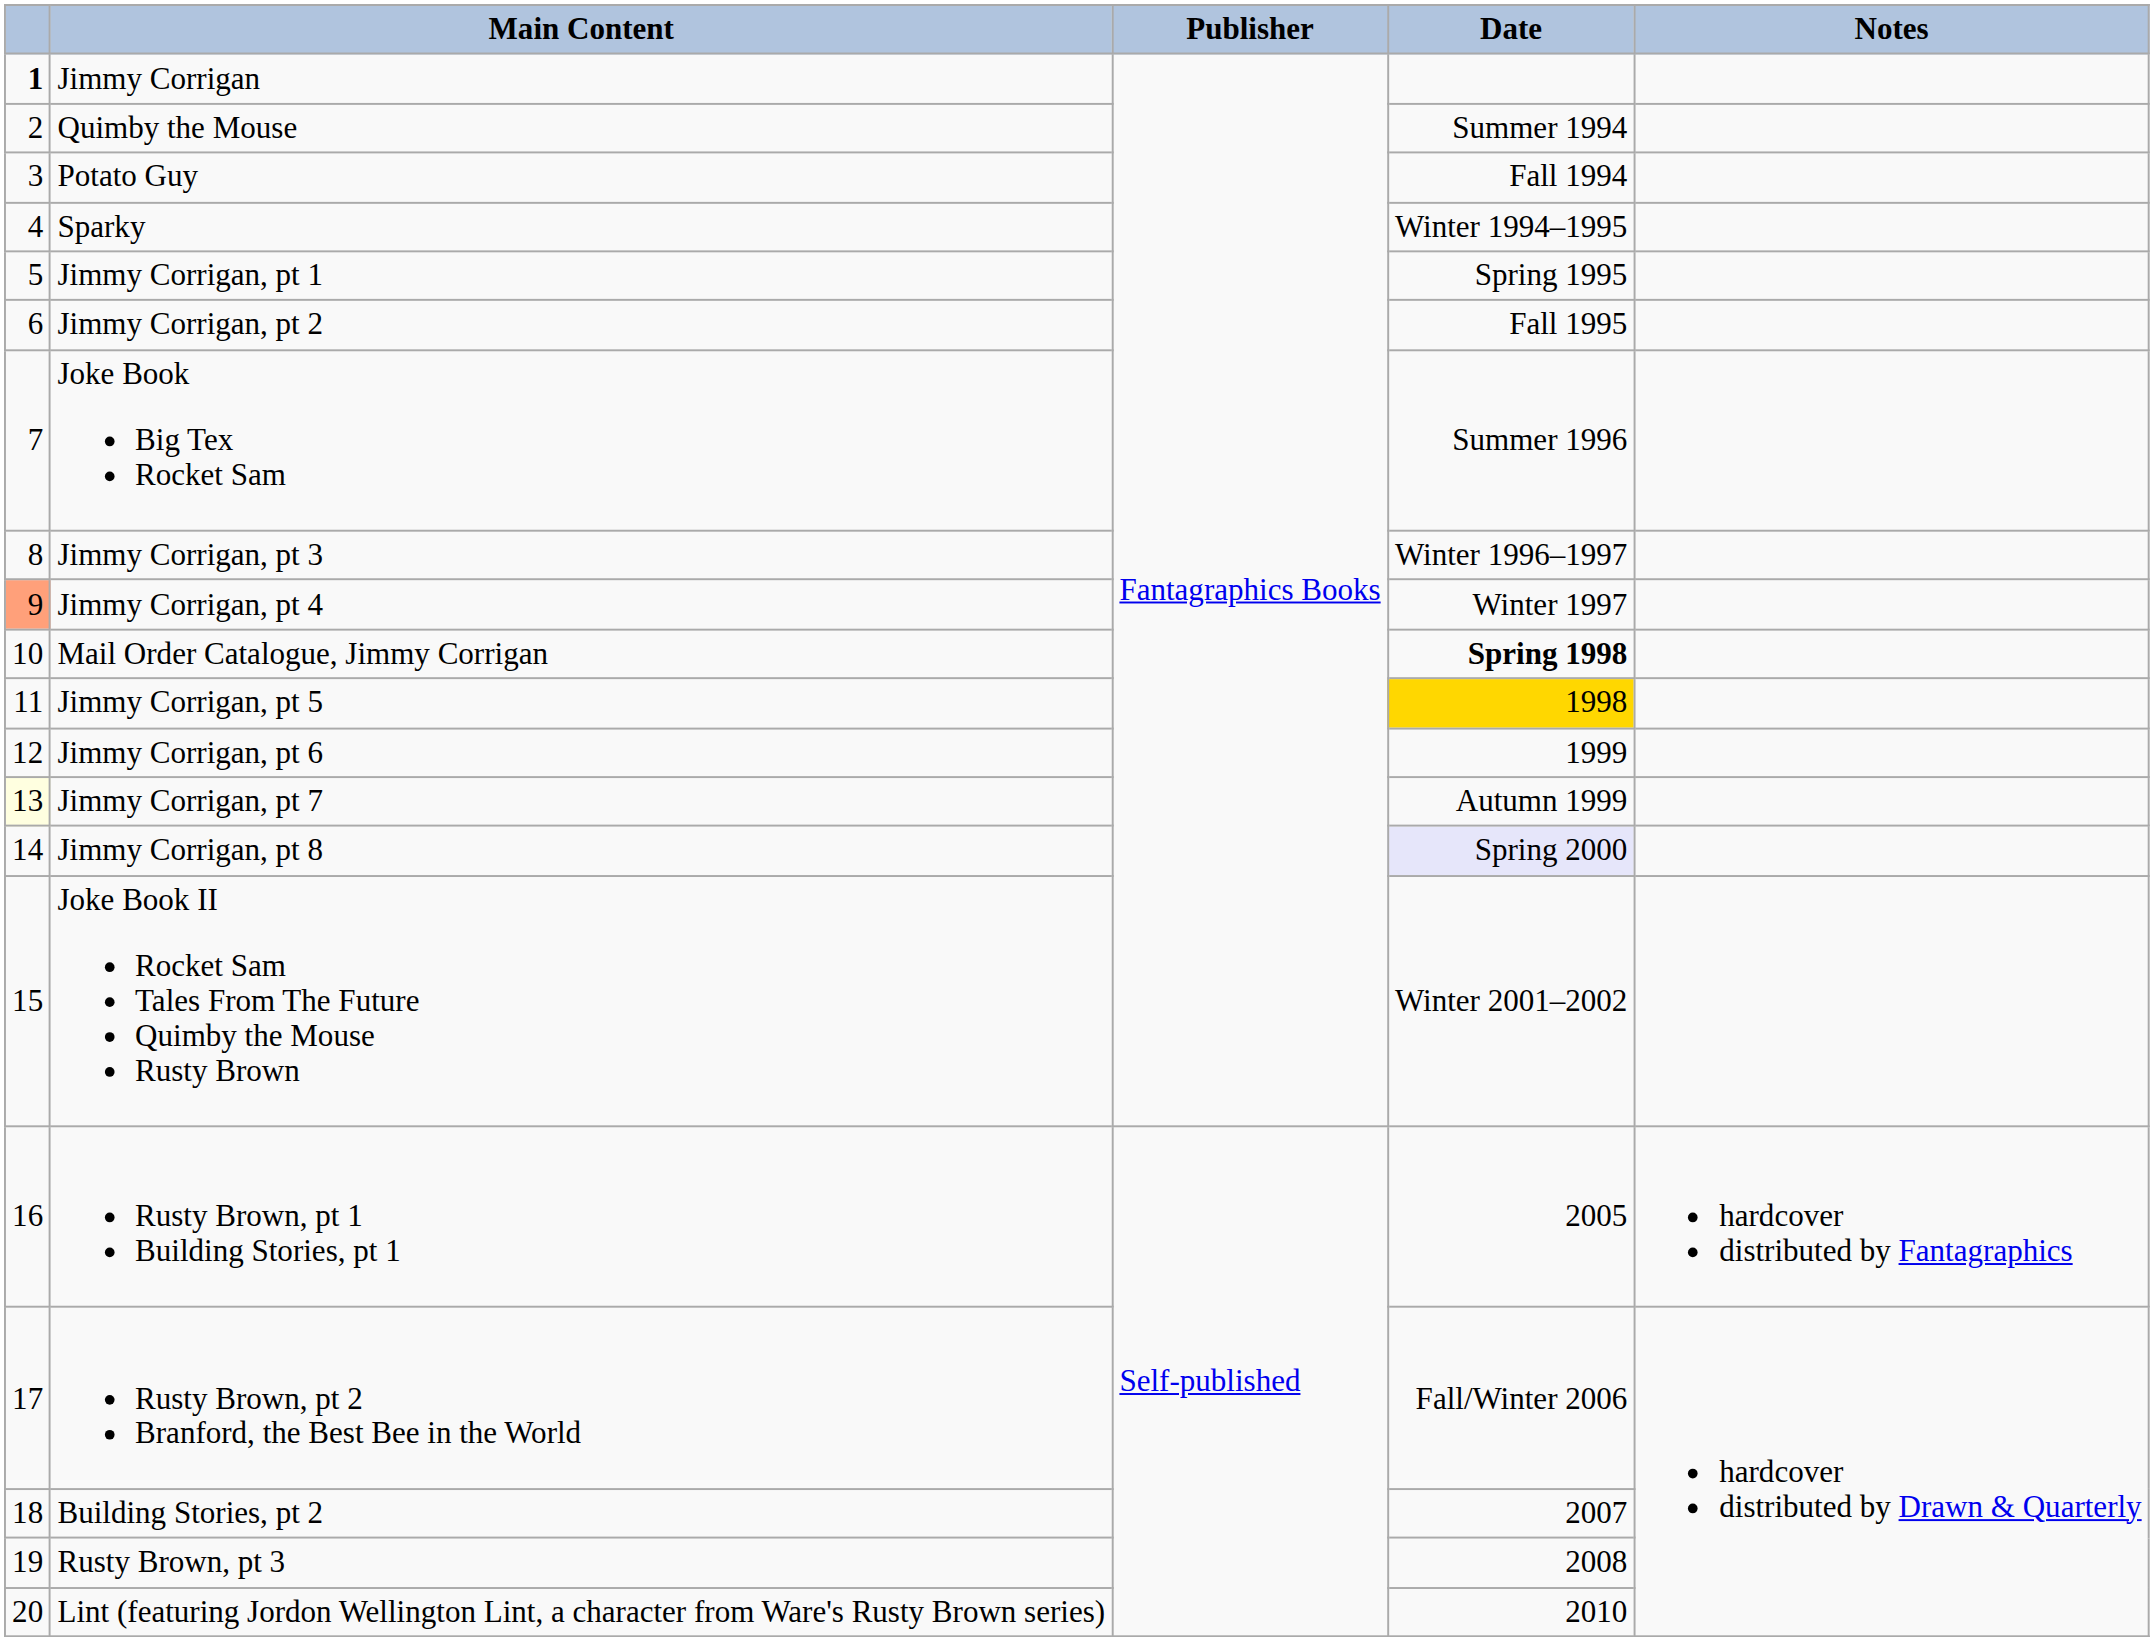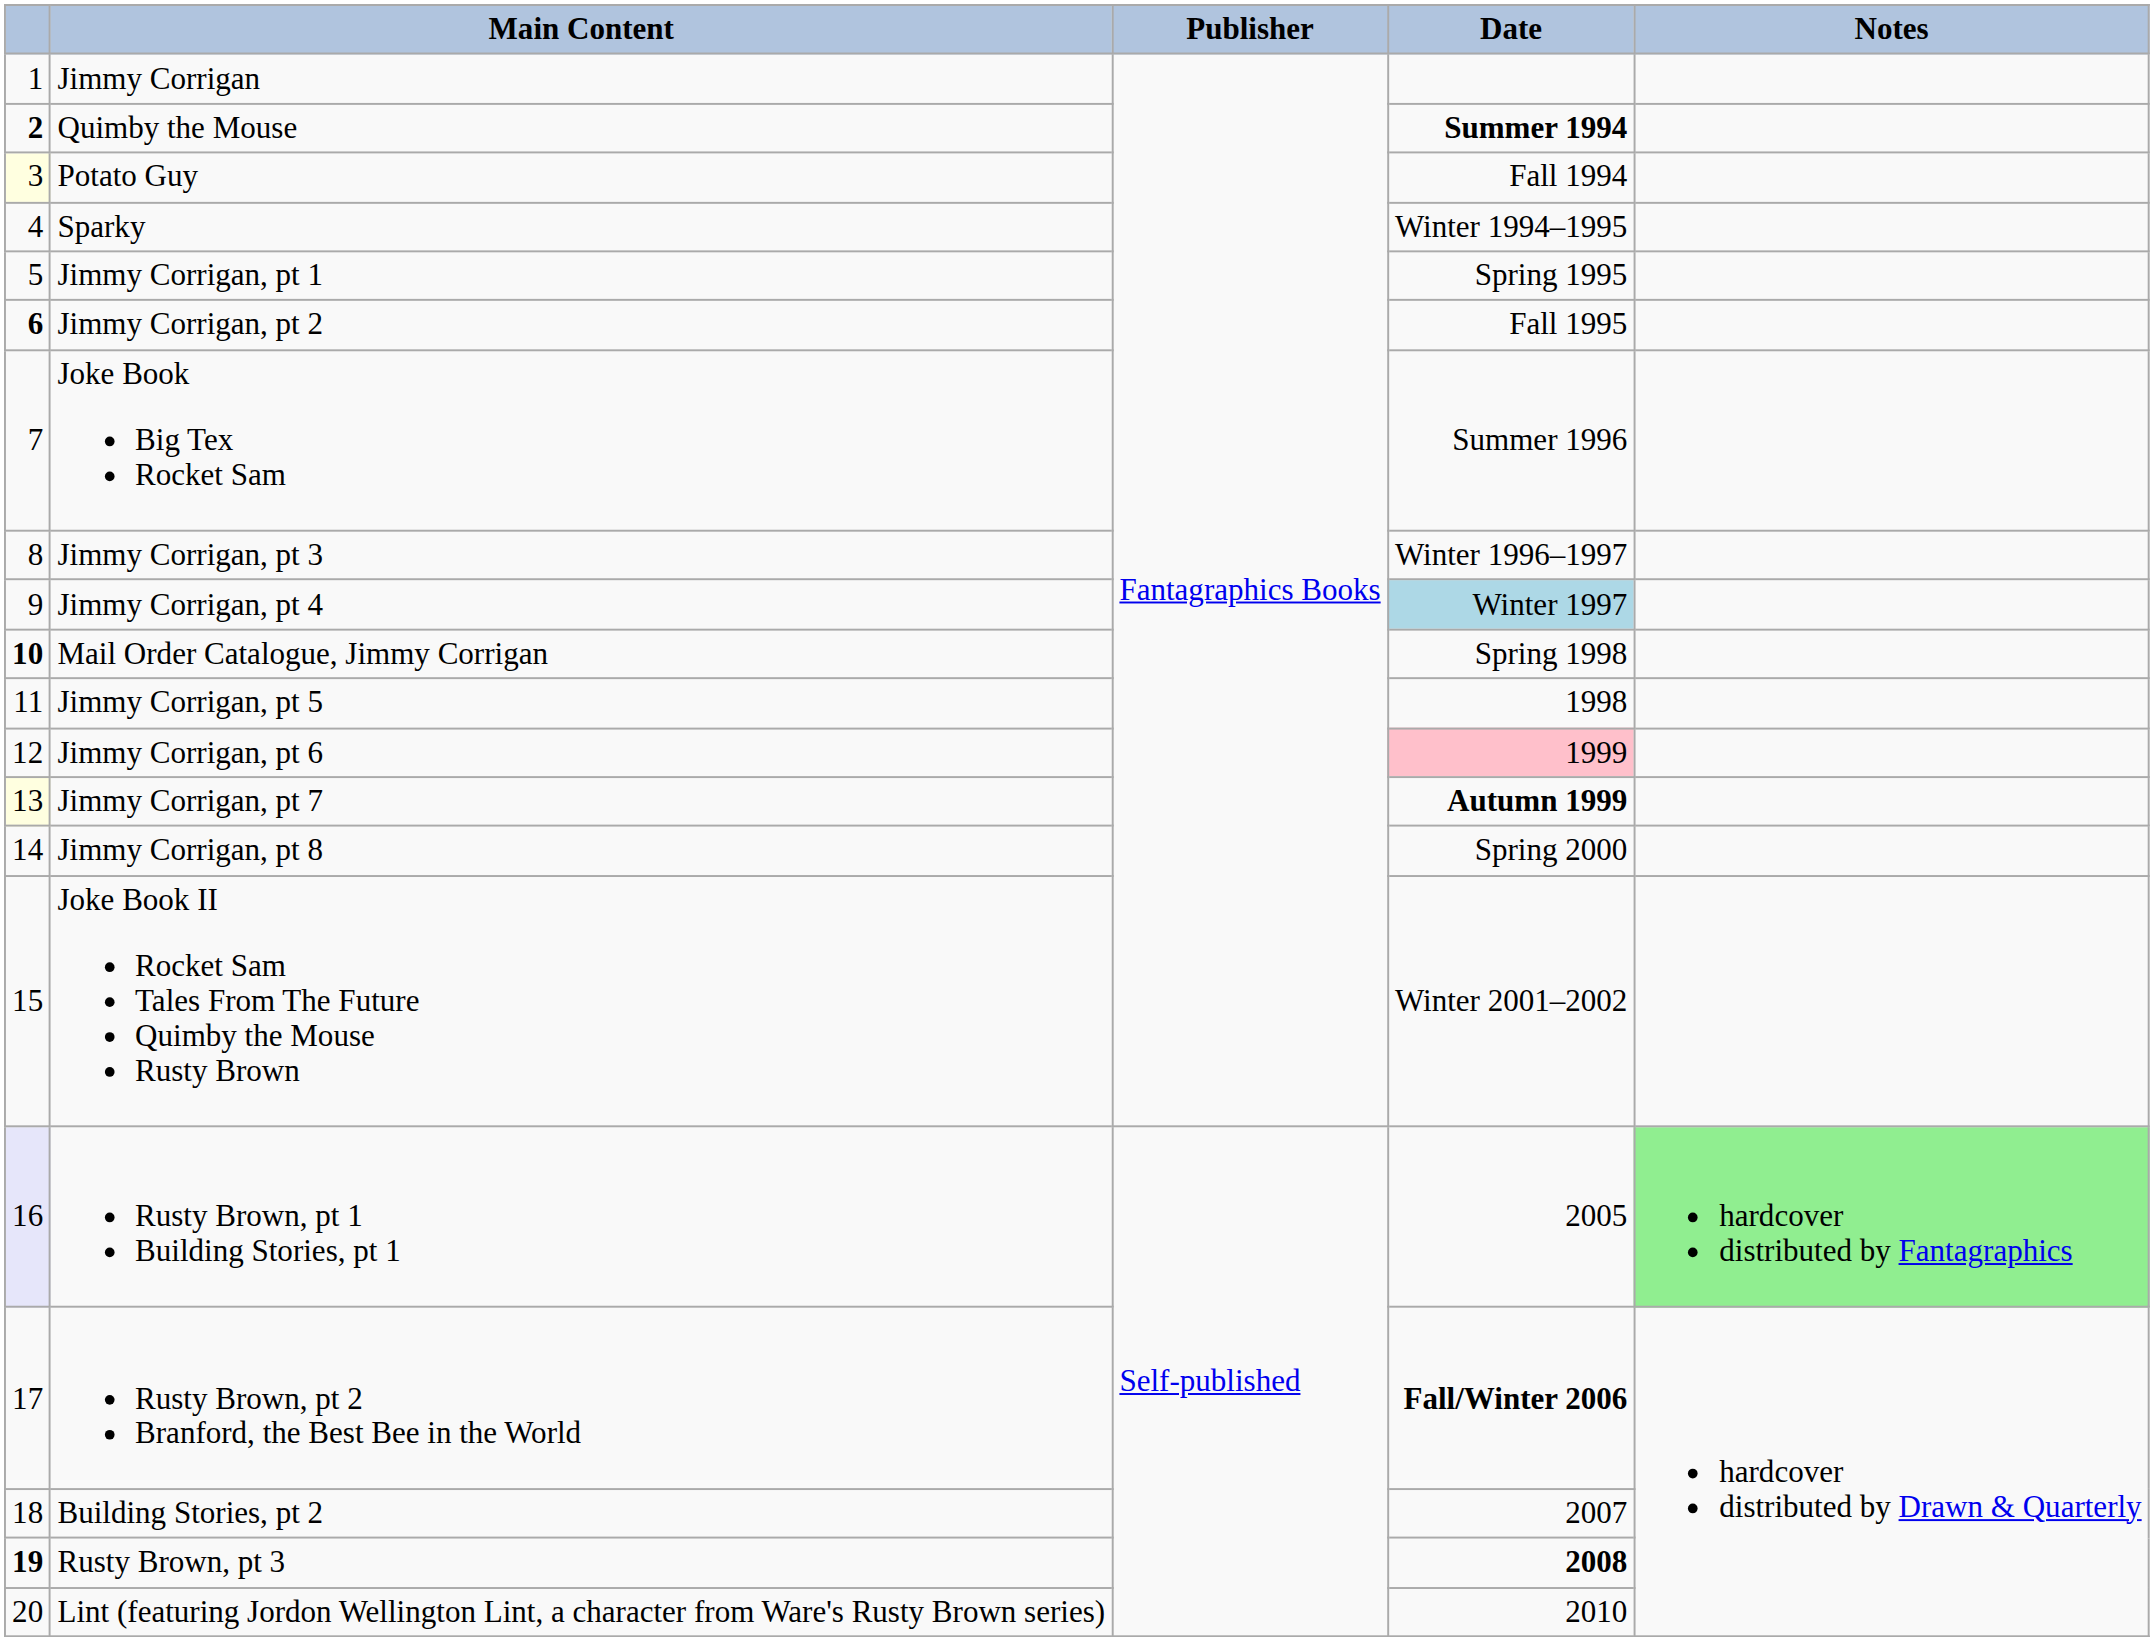 <table class="wikitable">
 <tr>
 </tr>
 <tr>
 <th scope="col" style="background:#B0C4DE;"></th>
 <th scope="col" style="background:#B0C4DE;">Main Content</th>
 <th scope="col" style="background:#B0C4DE;">Publisher</th>
 <th scope="col" style="background:#B0C4DE;">Date</th>
 <th scope="col" style="background:#B0C4DE;">Notes</th>
 </tr>
 <tr>
-<td scope="row" style="text-align:right;"><strong>1</strong></td>
+<td scope="row" style="text-align:right;">1</td>
 <td>Jimmy Corrigan</td>
 <td rowspan="15"><a href='#'>Fantagraphics Books</a></td>
 <td style="text-align:right;"></td>
 <td></td>
 </tr>
 <tr>
-<td scope="row" style="text-align:right;">2</td>
+<td scope="row" style="text-align:right;"><strong>2</strong></td>
 <td>Quimby the Mouse</td>
-<td style="text-align:right;">Summer 1994</td>
+<td style="text-align:right;"><strong>Summer 1994</strong></td>
 <td></td>
 </tr>
 <tr>
-<td scope="row" style="text-align:right;">3</td>
+<td scope="row" style="background: lightyellow; text-align:right;">3</td>
 <td>Potato Guy</td>
 <td style="text-align:right;">Fall 1994</td>
 <td></td>
 </tr>
 <tr>
 <td scope="row" style="text-align:right;">4</td>
 <td>Sparky</td>
 <td style="text-align:right;">Winter 1994–1995</td>
 <td></td>
 </tr>
 <tr>
 <td scope="row" style="text-align:right;">5</td>
 <td>Jimmy Corrigan, pt 1</td>
 <td style="text-align:right;">Spring 1995</td>
 <td></td>
 </tr>
 <tr>
-<td scope="row" style="text-align:right;">6</td>
+<td scope="row" style="text-align:right;"><strong>6</strong></td>
 <td>Jimmy Corrigan, pt 2</td>
 <td style="text-align:right;">Fall 1995</td>
 <td></td>
 </tr>
 <tr>
 <td scope="row" style="text-align:right;">7</td>
 <td>Joke Book<br><ul><li>Big Tex</li><li>Rocket Sam</li></ul></td>
 <td style="text-align:right;">Summer 1996</td>
 <td></td>
 </tr>
 <tr>
 <td scope="row" style="text-align:right;">8</td>
 <td>Jimmy Corrigan, pt 3</td>
 <td style="text-align:right;">Winter 1996–1997</td>
 <td></td>
 </tr>
 <tr>
-<td scope="row" style="background: lightsalmon; text-align:right;">9</td>
+<td scope="row" style="text-align:right;">9</td>
 <td>Jimmy Corrigan, pt 4</td>
-<td style="text-align:right;">Winter 1997</td>
+<td style="background: lightblue; text-align:right;">Winter 1997</td>
 <td></td>
 </tr>
 <tr>
-<td scope="row" style="text-align:right;">10</td>
+<td scope="row" style="text-align:right;"><strong>10</strong></td>
 <td>Mail Order Catalogue, Jimmy Corrigan</td>
-<td style="text-align:right;"><strong>Spring 1998</strong></td>
+<td style="text-align:right;">Spring 1998</td>
 <td></td>
 </tr>
 <tr>
 <td scope="row" style="text-align:right;">11</td>
 <td>Jimmy Corrigan, pt 5</td>
-<td style="background: gold; text-align:right;">1998</td>
+<td style="text-align:right;">1998</td>
 <td></td>
 </tr>
 <tr>
 <td scope="row" style="text-align:right;">12</td>
 <td>Jimmy Corrigan, pt 6</td>
-<td style="text-align:right;">1999</td>
+<td style="background: pink; text-align:right;">1999</td>
 <td></td>
 </tr>
 <tr>
 <td scope="row" style="background: lightyellow; text-align:right;">13</td>
 <td>Jimmy Corrigan, pt 7</td>
-<td style="text-align:right;">Autumn 1999</td>
+<td style="text-align:right;"><strong>Autumn 1999</strong></td>
 <td></td>
 </tr>
 <tr>
 <td scope="row" style="text-align:right;">14</td>
 <td>Jimmy Corrigan, pt 8</td>
-<td style="background: lavender; text-align:right;">Spring 2000</td>
+<td style="text-align:right;">Spring 2000</td>
 <td></td>
 </tr>
 <tr>
 <td scope="row" style="text-align:right;">15</td>
 <td>Joke Book II<br><ul><li>Rocket Sam</li><li>Tales From The Future</li><li>Quimby the Mouse</li><li>Rusty Brown</li></ul></td>
 <td scope="row" style="text-align:right;">Winter 2001–2002</td>
 <td></td>
 </tr>
 <tr>
-<td scope="row" style="text-align:right;">16</td>
+<td scope="row" style="background: lavender; text-align:right;">16</td>
 <td><br><ul><li>Rusty Brown, pt 1</li><li>Building Stories, pt 1</li></ul></td>
 <td rowspan="5"><a href='#'>Self-published</a></td>
 <td style="text-align:right;">2005</td>
-<td><br><ul><li>hardcover</li><li>distributed by <a href='#'>Fantagraphics</a></li></ul></td>
+<td style="background: lightgreen;"><br><ul><li>hardcover</li><li>distributed by <a href='#'>Fantagraphics</a></li></ul></td>
 </tr>
 <tr>
 <td scope="row" style="text-align:right;">17</td>
 <td><br><ul><li>Rusty Brown, pt 2</li><li>Branford, the Best Bee in the World</li></ul></td>
-<td style="text-align:right;">Fall/Winter 2006</td>
+<td style="text-align:right;"><strong>Fall/Winter 2006</strong></td>
 <td rowspan="4"><br><ul><li>hardcover</li><li>distributed by <a href='#'>Drawn & Quarterly</a></li></ul></td>
 </tr>
 <tr>
 <td scope="row" style="text-align:right;">18</td>
 <td>Building Stories, pt 2</td>
 <td style="text-align:right;">2007</td>
 </tr>
 <tr>
-<td scope="row" style="text-align:right;">19</td>
+<td scope="row" style="text-align:right;"><strong>19</strong></td>
 <td>Rusty Brown, pt 3</td>
-<td style="text-align:right;">2008</td>
+<td style="text-align:right;"><strong>2008</strong></td>
 </tr>
 <tr>
 <td scope="row" style="text-align:right;">20</td>
 <td>Lint (featuring Jordon Wellington Lint, a character from Ware's Rusty Brown series)</td>
 <td style="text-align:right;">2010</td>
 </tr>
 <tr>
 </tr>
 </table>
